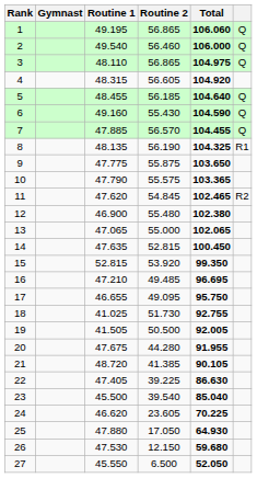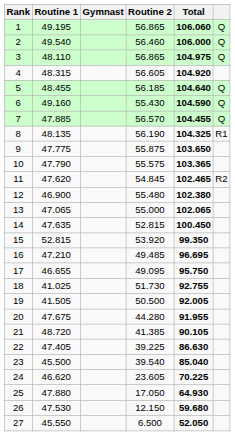 <table class="wikitable sortable" style="text-align:center">
 <tr>
 <th>Rank</th>
+<th>Routine 1</th>
 <th>Gymnast</th>
-<th>Routine 1</th>
 <th>Routine 2</th>
 <th>Total</th>
 <th></th>
 </tr>
 <tr bgcolor=ccffcc>
 <td>1</td>
+<td>49.195</td>
 <td align=left></td>
-<td>49.195</td>
 <td>56.865</td>
 <td><strong>106.060</strong></td>
 <td>Q</td>
 </tr>
 <tr bgcolor=ccffcc>
 <td>2</td>
+<td>49.540</td>
 <td align=left></td>
-<td>49.540</td>
 <td>56.460</td>
 <td><strong>106.000</strong></td>
 <td>Q</td>
 </tr>
 <tr bgcolor=ccffcc>
 <td>3</td>
+<td>48.110</td>
 <td align=left></td>
-<td>48.110</td>
 <td>56.865</td>
 <td><strong>104.975</strong></td>
 <td>Q</td>
 </tr>
 <tr>
 <td>4</td>
+<td>48.315</td>
 <td align=left></td>
-<td>48.315</td>
 <td>56.605</td>
 <td><strong>104.920</strong></td>
 <td></td>
 </tr>
 <tr bgcolor=ccffcc>
 <td>5</td>
+<td>48.455</td>
 <td align=left></td>
-<td>48.455</td>
 <td>56.185</td>
 <td><strong>104.640</strong></td>
 <td>Q</td>
 </tr>
 <tr bgcolor=ccffcc>
 <td>6</td>
+<td>49.160</td>
 <td align=left></td>
-<td>49.160</td>
 <td>55.430</td>
 <td><strong>104.590</strong></td>
 <td>Q</td>
 </tr>
 <tr bgcolor=ccffcc>
 <td>7</td>
+<td>47.885</td>
 <td align=left></td>
-<td>47.885</td>
 <td>56.570</td>
 <td><strong>104.455</strong></td>
 <td>Q</td>
 </tr>
 <tr>
 <td>8</td>
+<td>48.135</td>
 <td align=left></td>
-<td>48.135</td>
 <td>56.190</td>
 <td><strong>104.325</strong></td>
 <td>R1</td>
 </tr>
 <tr>
 <td>9</td>
+<td>47.775</td>
 <td align=left></td>
-<td>47.775</td>
 <td>55.875</td>
 <td><strong>103.650</strong></td>
 <td></td>
 </tr>
 <tr>
 <td>10</td>
+<td>47.790</td>
 <td align=left></td>
-<td>47.790</td>
 <td>55.575</td>
 <td><strong>103.365</strong></td>
 <td></td>
 </tr>
 <tr>
 <td>11</td>
+<td>47.620</td>
 <td align=left></td>
-<td>47.620</td>
 <td>54.845</td>
 <td><strong>102.465</strong></td>
 <td>R2</td>
 </tr>
 <tr>
 <td>12</td>
+<td>46.900</td>
 <td align=left></td>
-<td>46.900</td>
 <td>55.480</td>
 <td><strong>102.380</strong></td>
 <td></td>
 </tr>
 <tr>
 <td>13</td>
+<td>47.065</td>
 <td align=left></td>
-<td>47.065</td>
 <td>55.000</td>
 <td><strong>102.065</strong></td>
 <td></td>
 </tr>
 <tr>
 <td>14</td>
+<td>47.635</td>
 <td align=left></td>
-<td>47.635</td>
 <td>52.815</td>
 <td><strong>100.450</strong></td>
 <td></td>
 </tr>
 <tr>
 <td>15</td>
+<td>52.815</td>
 <td align=left></td>
-<td>52.815</td>
 <td>53.920</td>
 <td><strong>99.350</strong></td>
 <td></td>
 </tr>
 <tr>
 <td>16</td>
+<td>47.210</td>
 <td align=left></td>
-<td>47.210</td>
 <td>49.485</td>
 <td><strong>96.695</strong></td>
 <td></td>
 </tr>
 <tr>
 <td>17</td>
+<td>46.655</td>
 <td align=left></td>
-<td>46.655</td>
 <td>49.095</td>
 <td><strong>95.750</strong></td>
 <td></td>
 </tr>
 <tr>
 <td>18</td>
+<td>41.025</td>
 <td align=left></td>
-<td>41.025</td>
 <td>51.730</td>
 <td><strong>92.755</strong></td>
 <td></td>
 </tr>
 <tr>
 <td>19</td>
+<td>41.505</td>
 <td align=left></td>
-<td>41.505</td>
 <td>50.500</td>
 <td><strong>92.005</strong></td>
 <td></td>
 </tr>
 <tr>
 <td>20</td>
+<td>47.675</td>
 <td align=left></td>
-<td>47.675</td>
 <td>44.280</td>
 <td><strong>91.955</strong></td>
 <td></td>
 </tr>
 <tr>
 <td>21</td>
+<td>48.720</td>
 <td align=left></td>
-<td>48.720</td>
 <td>41.385</td>
 <td><strong>90.105</strong></td>
 <td></td>
 </tr>
 <tr>
 <td>22</td>
+<td>47.405</td>
 <td align=left></td>
-<td>47.405</td>
 <td>39.225</td>
 <td><strong>86.630</strong></td>
 <td></td>
 </tr>
 <tr>
 <td>23</td>
+<td>45.500</td>
 <td align=left></td>
-<td>45.500</td>
 <td>39.540</td>
 <td><strong>85.040</strong></td>
 <td></td>
 </tr>
 <tr>
 <td>24</td>
+<td>46.620</td>
 <td align=left></td>
-<td>46.620</td>
 <td>23.605</td>
 <td><strong>70.225</strong></td>
 <td></td>
 </tr>
 <tr>
 <td>25</td>
+<td>47.880</td>
 <td align=left></td>
-<td>47.880</td>
 <td>17.050</td>
 <td><strong>64.930</strong></td>
 <td></td>
 </tr>
 <tr>
 <td>26</td>
+<td>47.530</td>
 <td align=left></td>
-<td>47.530</td>
 <td>12.150</td>
 <td><strong>59.680</strong></td>
 <td></td>
 </tr>
 <tr>
 <td>27</td>
+<td>45.550</td>
 <td align=left></td>
-<td>45.550</td>
 <td>6.500</td>
 <td><strong>52.050</strong></td>
 <td></td>
 </tr>
 </table>
